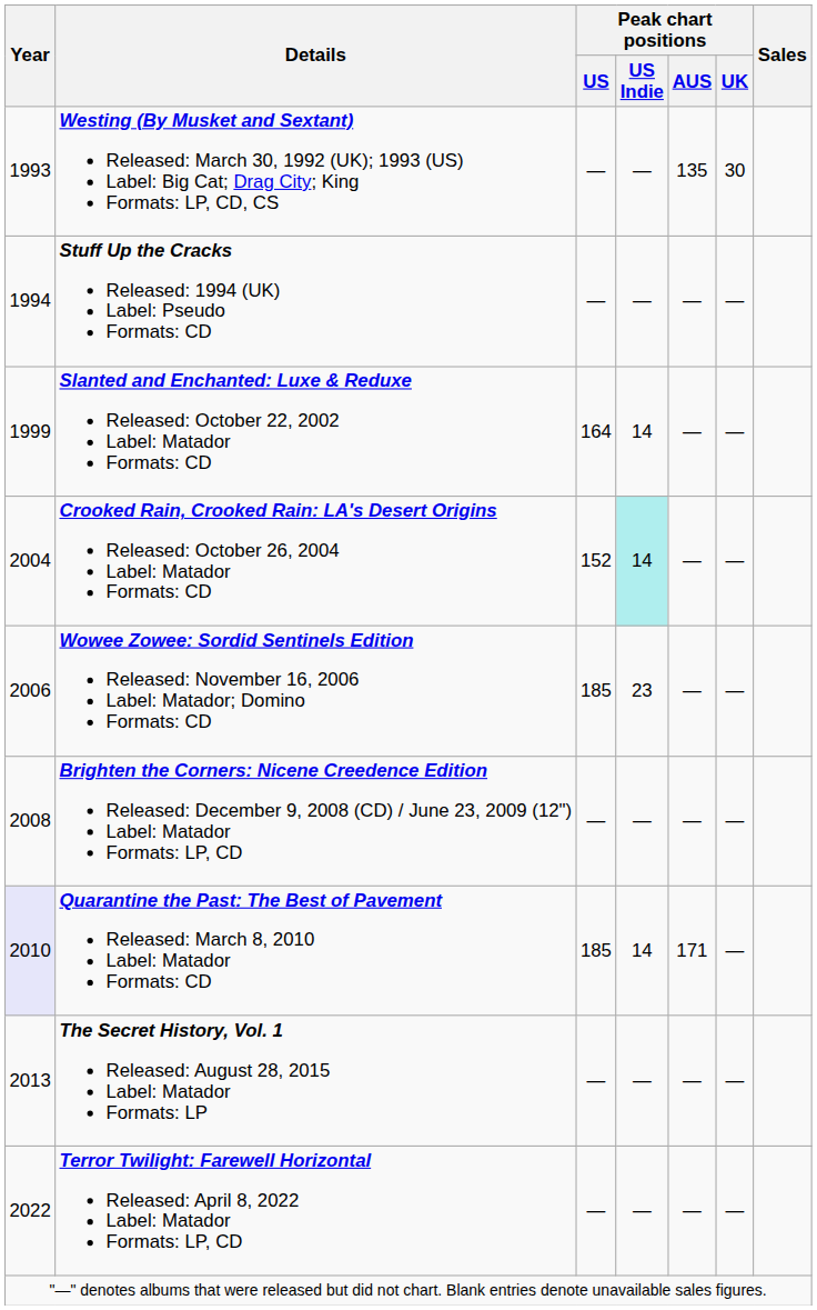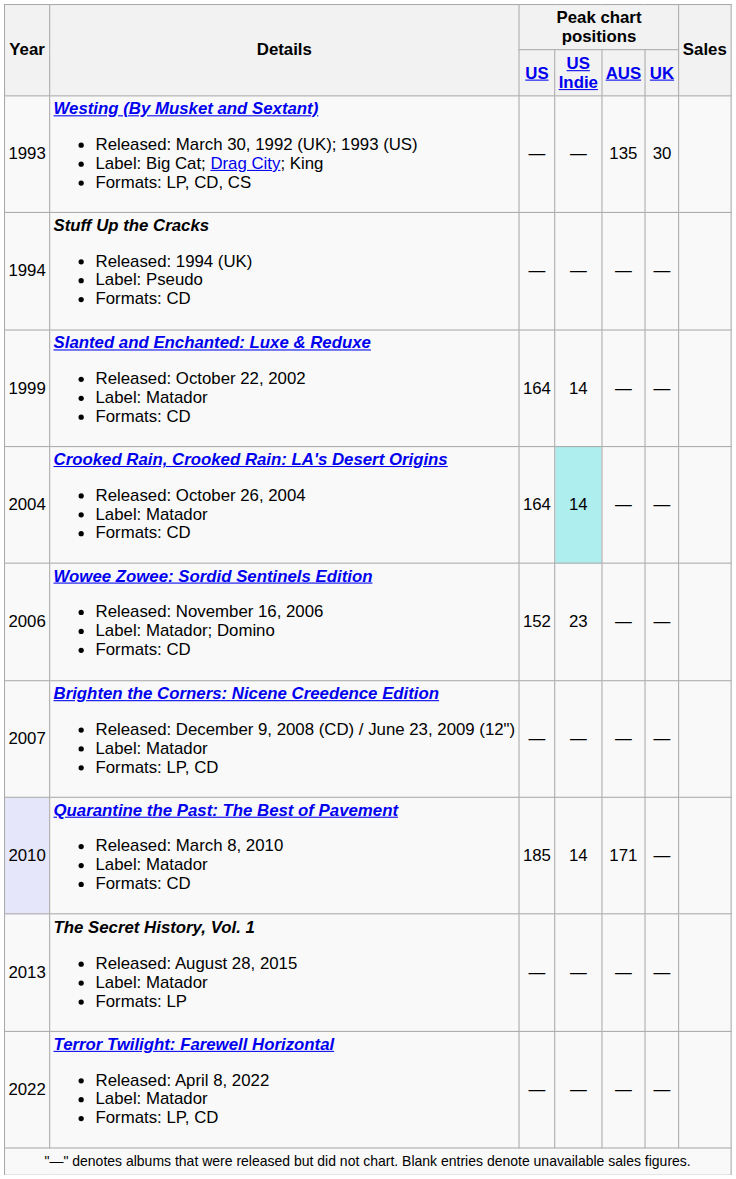 <table class="wikitable">
 <tr>
 <th scope="col" rowspan="2">Year</th>
 <th scope="col" rowspan="2">Details</th>
 <th scope="col" colspan="4">Peak chart positions</th>
 <th scope="col" rowspan="2">Sales</th>
 </tr>
 <tr>
 <th width="25"><a href='#'>US</a><br></th>
 <th width="25"><a href='#'>US Indie</a><br></th>
 <th width="25"><a href='#'>AUS</a><br></th>
 <th width="25"><a href='#'>UK</a><br></th>
 </tr>
 <tr>
 <td>1993</td>
 <td><strong><em><a href='#'>Westing (By Musket and Sextant)</a></em></strong><br><ul><li>Released: March 30, 1992 (UK); 1993 (US)</li><li>Label: Big Cat; <a href='#'>Drag City</a>; King</li><li>Formats: LP, CD, CS</li></ul></td>
 <td align="center">—</td>
 <td align="center">—</td>
 <td align="center">135</td>
 <td align="center">30</td>
 <td></td>
 </tr>
 <tr>
 <td>1994</td>
 <td><strong><em>Stuff Up the Cracks</em></strong><br><ul><li>Released: 1994 (UK)</li><li>Label: Pseudo</li><li>Formats: CD</li></ul></td>
 <td align="center">—</td>
 <td align="center">—</td>
 <td align="center">—</td>
 <td align="center">—</td>
 <td></td>
 </tr>
 <tr>
 <td>1999</td>
 <td><strong><em><a href='#'>Slanted and Enchanted: Luxe & Reduxe</a></em></strong><br><ul><li>Released: October 22, 2002</li><li>Label: Matador</li><li>Formats: CD</li></ul></td>
 <td align="center">164</td>
 <td align="center">14</td>
 <td align="center">—</td>
 <td align="center">—</td>
 <td></td>
 </tr>
 <tr>
 <td>2004</td>
 <td><strong><em><a href='#'>Crooked Rain, Crooked Rain: LA's Desert Origins</a></em></strong><br><ul><li>Released: October 26, 2004</li><li>Label: Matador</li><li>Formats: CD</li></ul></td>
-<td align="center">152</td>
+<td align="center">164</td>
 <td align="center" style="background: paleturquoise;">14</td>
 <td align="center">—</td>
 <td align="center">—</td>
 <td></td>
 </tr>
 <tr>
 <td>2006</td>
 <td><strong><em><a href='#'>Wowee Zowee: Sordid Sentinels Edition</a></em></strong><br><ul><li>Released: November 16, 2006</li><li>Label: Matador; Domino</li><li>Formats: CD</li></ul></td>
-<td align="center">185</td>
+<td align="center">152</td>
 <td align="center">23</td>
 <td align="center">—</td>
 <td align="center">—</td>
 <td></td>
 </tr>
 <tr>
-<td>2008</td>
+<td>2007</td>
 <td><strong><em><a href='#'>Brighten the Corners: Nicene Creedence Edition</a></em></strong><br><ul><li>Released: December 9, 2008 (CD) / June 23, 2009 (12")</li><li>Label: Matador</li><li>Formats: LP, CD</li></ul></td>
 <td align="center">—</td>
 <td align="center">—</td>
 <td align="center">—</td>
 <td align="center">—</td>
 <td></td>
 </tr>
 <tr>
 <td style="background: lavender;">2010</td>
 <td><strong><em><a href='#'>Quarantine the Past: The Best of Pavement</a></em></strong><br><ul><li>Released: March 8, 2010</li><li>Label: Matador</li><li>Formats: CD</li></ul></td>
 <td align="center">185</td>
 <td align="center">14</td>
 <td align="center">171</td>
 <td align="center">—</td>
 <td></td>
 </tr>
 <tr>
 <td>2013</td>
 <td><strong><em>The Secret History, Vol. 1</em></strong><br><ul><li>Released: August 28, 2015</li><li>Label: Matador</li><li>Formats: LP</li></ul></td>
 <td align="center">—</td>
 <td align="center">—</td>
 <td align="center">—</td>
 <td align="center">—</td>
 <td></td>
 </tr>
 <tr>
 <td>2022</td>
 <td><strong><em><a href='#'>Terror Twilight: Farewell Horizontal</a></em></strong><br><ul><li>Released: April 8, 2022</li><li>Label: Matador</li><li>Formats: LP, CD</li></ul></td>
 <td align="center">—</td>
 <td align="center">—</td>
 <td align="center">—</td>
 <td align="center">—</td>
 <td></td>
 </tr>
 <tr>
 <td colspan="7" align="center"><small>"—" denotes albums that were released but did not chart. Blank entries denote unavailable sales figures.</small></td>
 </tr>
 </table>
